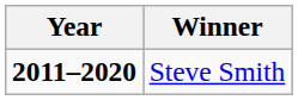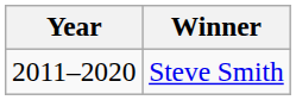 <table class="wikitable">
 <tr>
 <th>Year</th>
 <th>Winner</th>
 </tr>
 <tr>
-<td><strong>2011–2020</strong></td>
+<td>2011–2020</td>
 <td> <a href='#'>Steve Smith</a></td>
 </tr>
 </table>
